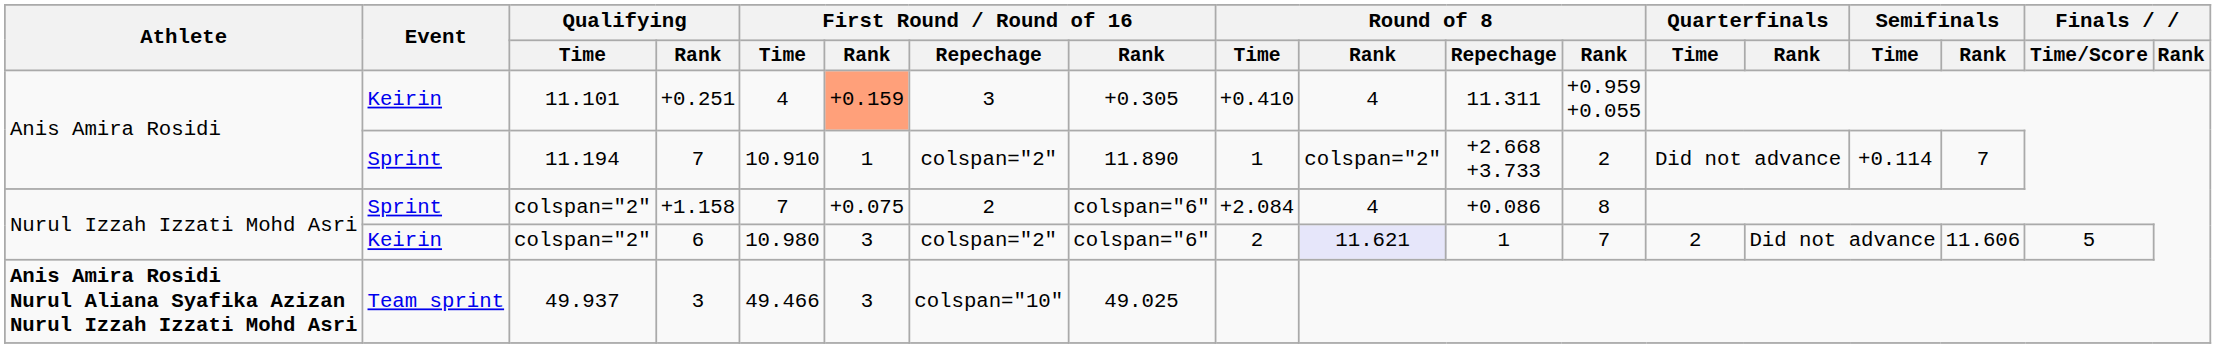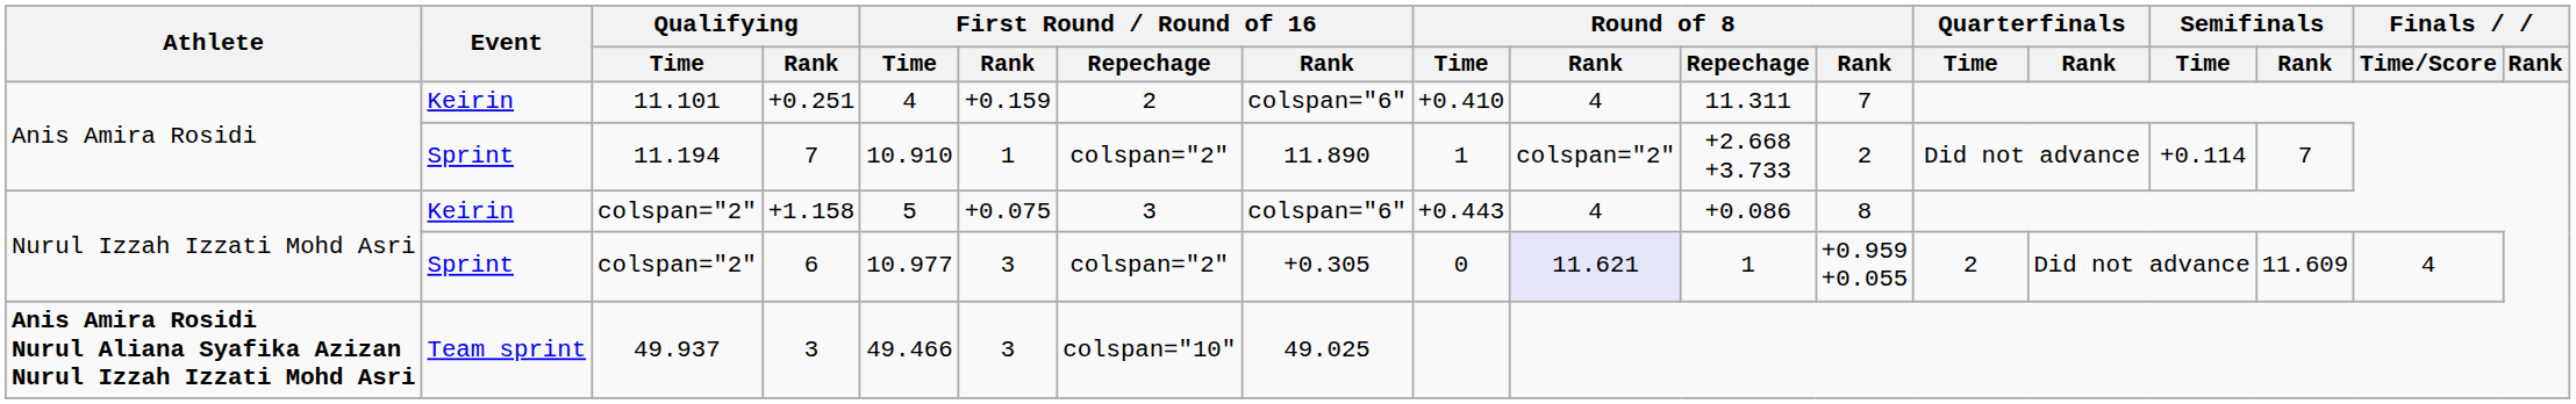 <table class="wikitable" style="font-size:90%;text-align:center">
 <tr>
 <th rowspan="2">Athlete</th>
 <th rowspan="2">Event</th>
 <th colspan="2">Qualifying</th>
 <th colspan="4">First Round / Round of 16</th>
 <th colspan="4">Round of 8</th>
 <th colspan="2">Quarterfinals</th>
 <th colspan="2">Semifinals</th>
 <th colspan="2">Finals /  / </th>
 </tr>
 <tr style=font-size:95%>
 <th>Time</th>
 <th>Rank</th>
 <th>Time</th>
 <th>Rank</th>
 <th>Repechage</th>
 <th>Rank</th>
 <th>Time</th>
 <th>Rank</th>
 <th>Repechage</th>
 <th>Rank</th>
 <th>Time</th>
 <th>Rank</th>
 <th>Time</th>
 <th>Rank</th>
 <th>Time/Score</th>
 <th>Rank</th>
 </tr>
 <tr>
 <td align="left" rowspan="2">Anis Amira Rosidi</td>
 <td align="left"><a href='#'>Keirin</a></td>
 <td>11.101</td>
 <td>+0.251</td>
 <td>4 <strong></strong></td>
-<td style="background: lightsalmon;">+0.159</td>
-<td>3 <strong></strong></td>
-<td>+0.305</td>
+<td>+0.159</td>
+<td>2 <strong></strong></td>
+<td>colspan="6" </td>
 <td>+0.410</td>
 <td>4 <strong></strong></td>
 <td>11.311</td>
-<td>+0.959<br>+0.055</td>
+<td>7</td>
 </tr>
 <tr>
 <td align="left"><a href='#'>Sprint</a></td>
 <td>11.194</td>
 <td>7 <strong></strong></td>
 <td>10.910</td>
 <td>1 <strong></strong></td>
 <td>colspan="2" </td>
 <td>11.890</td>
 <td>1 <strong></strong></td>
 <td>colspan="2" </td>
 <td>+2.668<br>+3.733</td>
 <td>2 <strong></strong></td>
 <td colspan="2">Did not advance</td>
 <td>+0.114</td>
 <td>7</td>
 </tr>
 <tr>
 <td align="left" rowspan="2">Nurul Izzah Izzati Mohd Asri</td>
-<td align="left"><a href='#'>Sprint</a></td>
+<td align="left"><a href='#'>Keirin</a></td>
 <td>colspan="2" </td>
 <td>+1.158</td>
-<td>7 <strong></strong></td>
+<td>5 <strong></strong></td>
 <td>+0.075</td>
-<td>2 <strong></strong></td>
+<td>3 <strong></strong></td>
 <td>colspan="6" </td>
-<td>+2.084</td>
+<td>+0.443</td>
 <td>4 <strong></strong></td>
 <td>+0.086</td>
 <td>8</td>
 </tr>
 <tr>
-<td align="left"><a href='#'>Keirin</a></td>
+<td align="left"><a href='#'>Sprint</a></td>
 <td>colspan="2" </td>
 <td>6 <strong></strong></td>
-<td>10.980</td>
+<td>10.977</td>
 <td>3 <strong></strong></td>
 <td>colspan="2" </td>
-<td>colspan="6" </td>
-<td>2 <strong></strong></td>
+<td>+0.305</td>
+<td>0 <strong></strong></td>
 <td style="background: lavender;">11.621</td>
 <td>1 <strong></strong></td>
-<td>7</td>
+<td>+0.959<br>+0.055</td>
 <td>2 <strong></strong></td>
 <td colspan="2">Did not advance</td>
-<td>11.606</td>
-<td>5</td>
+<td>11.609</td>
+<td>4</td>
 </tr>
 <tr>
 <td align="left"><strong>Anis Amira Rosidi<br>Nurul Aliana Syafika Azizan<br>Nurul Izzah Izzati Mohd Asri</strong></td>
 <td align="left"><a href='#'>Team sprint</a></td>
 <td>49.937</td>
 <td>3 <strong></strong></td>
 <td>49.466</td>
 <td>3 <strong></strong></td>
 <td>colspan="10" </td>
 <td>49.025</td>
 <td></td>
 </tr>
 </table>
